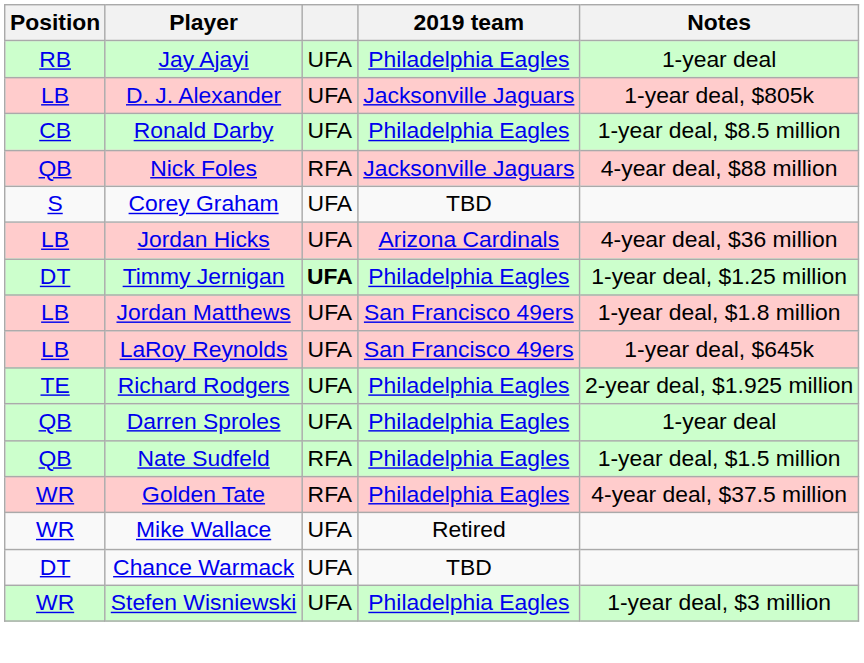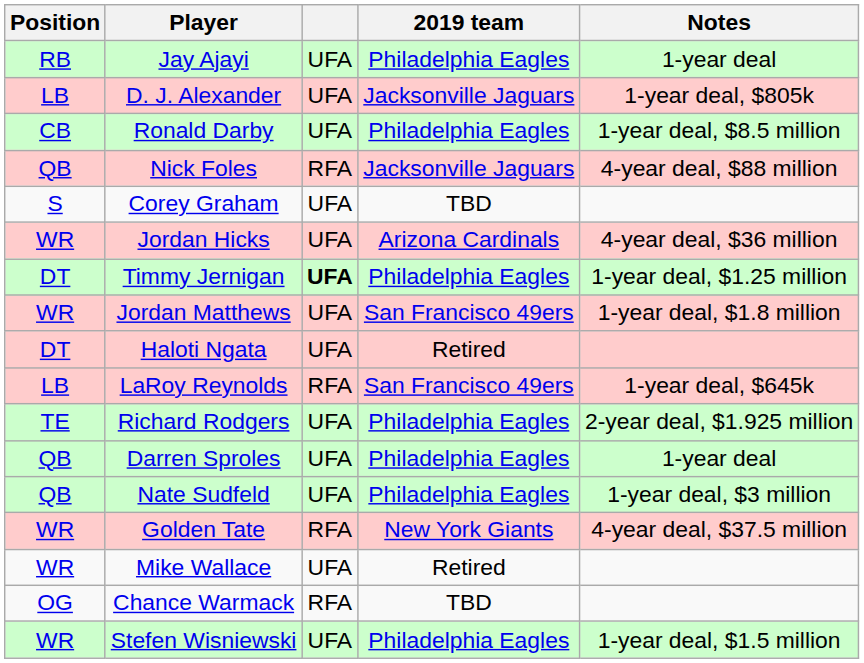 <table class="wikitable" style="text-align:center">
 <tr>
 <th>Position</th>
 <th>Player</th>
 <th></th>
 <th>2019 team</th>
 <th>Notes</th>
 </tr>
 <tr style="background:#cfc">
 <td><a href='#'>RB</a></td>
 <td><a href='#'>Jay Ajayi</a></td>
 <td>UFA</td>
 <td><a href='#'>Philadelphia Eagles</a></td>
 <td>1-year deal</td>
 </tr>
 <tr style="background:#fcc">
 <td><a href='#'>LB</a></td>
 <td><a href='#'>D. J. Alexander</a></td>
 <td>UFA</td>
 <td><a href='#'>Jacksonville Jaguars</a></td>
 <td>1-year deal, $805k</td>
 </tr>
 <tr style="background:#cfc">
 <td><a href='#'>CB</a></td>
 <td><a href='#'>Ronald Darby</a></td>
 <td>UFA</td>
 <td><a href='#'>Philadelphia Eagles</a></td>
 <td>1-year deal, $8.5 million</td>
 </tr>
 <tr style="background:#fcc">
 <td><a href='#'>QB</a></td>
 <td><a href='#'>Nick Foles</a></td>
 <td>RFA</td>
 <td><a href='#'>Jacksonville Jaguars</a></td>
 <td>4-year deal, $88 million</td>
 </tr>
 <tr>
 <td><a href='#'>S</a></td>
 <td><a href='#'>Corey Graham</a></td>
 <td>UFA</td>
 <td>TBD</td>
 <td></td>
 </tr>
 <tr style="background:#fcc">
-<td><a href='#'>LB</a></td>
+<td><a href='#'>WR</a></td>
 <td><a href='#'>Jordan Hicks</a></td>
 <td>UFA</td>
 <td><a href='#'>Arizona Cardinals</a></td>
 <td>4-year deal, $36 million</td>
 </tr>
 <tr style="background:#cfc">
 <td><a href='#'>DT</a></td>
 <td><a href='#'>Timmy Jernigan</a></td>
 <td><strong>UFA</strong></td>
 <td><a href='#'>Philadelphia Eagles</a></td>
 <td>1-year deal, $1.25 million</td>
 </tr>
 <tr style="background:#fcc">
-<td><a href='#'>LB</a></td>
+<td><a href='#'>WR</a></td>
 <td><a href='#'>Jordan Matthews</a></td>
 <td>UFA</td>
 <td><a href='#'>San Francisco 49ers</a></td>
 <td>1-year deal, $1.8 million</td>
 </tr>
 <tr style="background:#fcc">
+<td><a href='#'>DT</a></td>
+<td><a href='#'>Haloti Ngata</a></td>
+<td>UFA</td>
+<td>Retired</td>
+<td></td>
+</tr>
+<tr style="background:#fcc">
 <td><a href='#'>LB</a></td>
 <td><a href='#'>LaRoy Reynolds</a></td>
-<td>UFA</td>
+<td>RFA</td>
 <td><a href='#'>San Francisco 49ers</a></td>
 <td>1-year deal, $645k</td>
 </tr>
 <tr style="background:#cfc">
 <td><a href='#'>TE</a></td>
 <td><a href='#'>Richard Rodgers</a></td>
 <td>UFA</td>
 <td><a href='#'>Philadelphia Eagles</a></td>
 <td>2-year deal, $1.925 million</td>
 </tr>
 <tr style="background:#cfc">
 <td><a href='#'>QB</a></td>
 <td><a href='#'>Darren Sproles</a></td>
 <td>UFA</td>
 <td><a href='#'>Philadelphia Eagles</a></td>
 <td>1-year deal</td>
 </tr>
 <tr style="background:#cfc">
 <td><a href='#'>QB</a></td>
 <td><a href='#'>Nate Sudfeld</a></td>
-<td>RFA</td>
+<td>UFA</td>
 <td><a href='#'>Philadelphia Eagles</a></td>
-<td>1-year deal, $1.5 million</td>
+<td>1-year deal, $3 million</td>
 </tr>
 <tr style="background:#fcc">
 <td><a href='#'>WR</a></td>
 <td><a href='#'>Golden Tate</a></td>
 <td>RFA</td>
-<td><a href='#'>Philadelphia Eagles</a></td>
+<td><a href='#'>New York Giants</a></td>
 <td>4-year deal, $37.5 million</td>
 </tr>
 <tr>
 <td><a href='#'>WR</a></td>
 <td><a href='#'>Mike Wallace</a></td>
 <td>UFA</td>
 <td>Retired</td>
 <td></td>
 </tr>
 <tr>
-<td><a href='#'>DT</a></td>
+<td><a href='#'>OG</a></td>
 <td><a href='#'>Chance Warmack</a></td>
-<td>UFA</td>
+<td>RFA</td>
 <td>TBD</td>
 <td></td>
 </tr>
 <tr style="background:#cfc">
 <td><a href='#'>WR</a></td>
 <td><a href='#'>Stefen Wisniewski</a></td>
 <td>UFA</td>
 <td><a href='#'>Philadelphia Eagles</a></td>
-<td>1-year deal, $3 million</td>
+<td>1-year deal, $1.5 million</td>
 </tr>
 </table>
